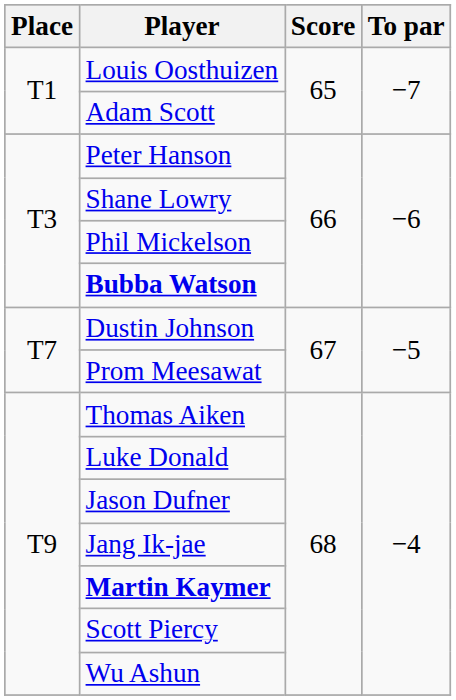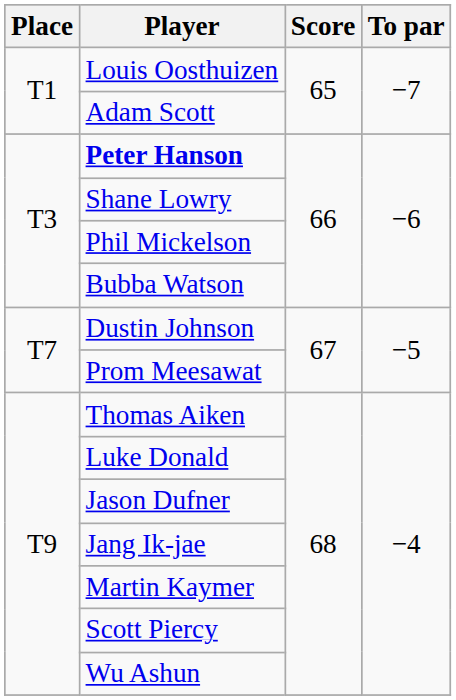 <table class="wikitable">
 <tr>
 <th>Place</th>
 <th>Player</th>
 <th>Score</th>
 <th>To par</th>
 </tr>
 <tr>
 <td align=center rowspan=2>T1</td>
 <td> <a href='#'>Louis Oosthuizen</a></td>
 <td align=center rowspan=2>65</td>
 <td align=center rowspan=2>−7</td>
 </tr>
 <tr>
 <td> <a href='#'>Adam Scott</a></td>
 </tr>
 <tr>
 <td align=center rowspan=4>T3</td>
-<td> <a href='#'>Peter Hanson</a></td>
+<td><strong> <a href='#'>Peter Hanson</a></strong></td>
 <td align=center rowspan=4>66</td>
 <td align=center rowspan=4>−6</td>
 </tr>
 <tr>
 <td> <a href='#'>Shane Lowry</a></td>
 </tr>
 <tr>
 <td> <a href='#'>Phil Mickelson</a></td>
 </tr>
 <tr>
-<td><strong> <a href='#'>Bubba Watson</a></strong></td>
+<td> <a href='#'>Bubba Watson</a></td>
 </tr>
 <tr>
 <td align=center rowspan=2>T7</td>
 <td> <a href='#'>Dustin Johnson</a></td>
 <td align=center rowspan=2>67</td>
 <td align=center rowspan=2>−5</td>
 </tr>
 <tr>
 <td> <a href='#'>Prom Meesawat</a></td>
 </tr>
 <tr>
 <td align=center rowspan=7>T9</td>
 <td> <a href='#'>Thomas Aiken</a></td>
 <td align=center rowspan=7>68</td>
 <td align=center rowspan=7>−4</td>
 </tr>
 <tr>
 <td> <a href='#'>Luke Donald</a></td>
 </tr>
 <tr>
 <td> <a href='#'>Jason Dufner</a></td>
 </tr>
 <tr>
 <td> <a href='#'>Jang Ik-jae</a></td>
 </tr>
 <tr>
-<td><strong> <a href='#'>Martin Kaymer</a></strong></td>
+<td> <a href='#'>Martin Kaymer</a></td>
 </tr>
 <tr>
 <td> <a href='#'>Scott Piercy</a></td>
 </tr>
 <tr>
 <td> <a href='#'>Wu Ashun</a></td>
 </tr>
 </table>
